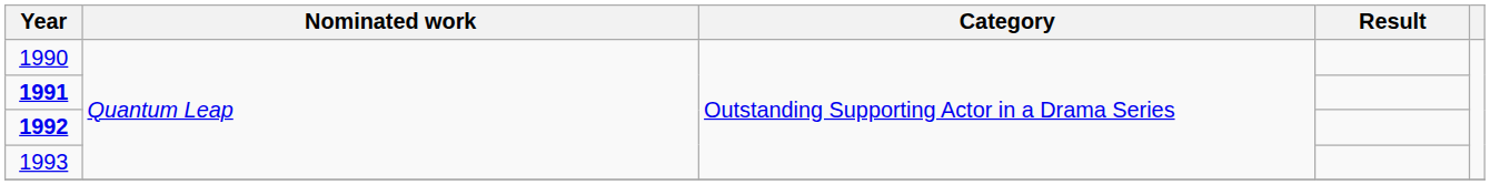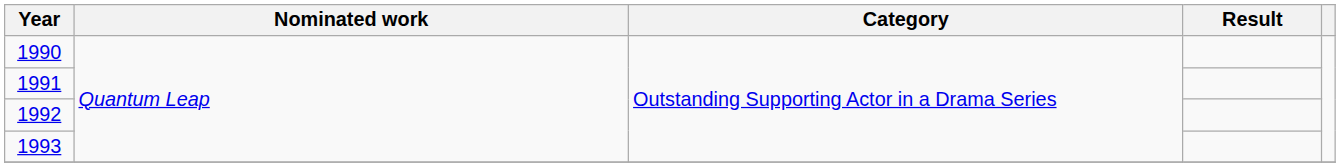 <table class="wikitable" style="width:85%;">
 <tr>
 <th width=5%>Year</th>
 <th style="width:40%;">Nominated work</th>
 <th style="width:40%;">Category</th>
 <th style="width:10%;">Result</th>
 <th width=1%></th>
 </tr>
 <tr>
 <td style="text-align:center;"><a href='#'>1990</a></td>
 <td rowspan="4"><em><a href='#'>Quantum Leap</a></em></td>
 <td rowspan="4"><a href='#'>Outstanding Supporting Actor in a Drama Series</a></td>
 <td></td>
 <td rowspan="4" style="text-align:center;"></td>
 </tr>
 <tr>
-<td style="text-align:center;"><strong><a href='#'>1991</a></strong></td>
+<td style="text-align:center;"><a href='#'>1991</a></td>
 <td></td>
 </tr>
 <tr>
-<td style="text-align:center;"><strong><a href='#'>1992</a></strong></td>
+<td style="text-align:center;"><a href='#'>1992</a></td>
 <td></td>
 </tr>
 <tr>
 <td style="text-align:center;"><a href='#'>1993</a></td>
 <td></td>
 </tr>
 <tr>
 </tr>
 </table>
